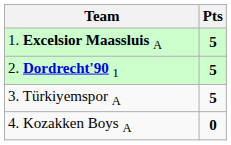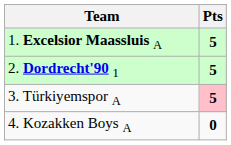 <table class="wikitable" style="text-align:center; float:left; margin-right:1em">
 <tr>
 <th style="width:200px">Team</th>
 <th width=20>Pts</th>
 </tr>
 <tr bgcolor=ccffcc>
 <td align=left>1. <strong>Excelsior Maassluis</strong> <sub>A</sub></td>
 <td><strong>5</strong></td>
 </tr>
 <tr bgcolor=ccffcc>
 <td align=left>2. <strong><a href='#'>Dordrecht'90</a></strong> <sub>1</sub></td>
 <td><strong>5</strong></td>
 </tr>
 <tr>
 <td align=left>3. Türkiyemspor <sub>A</sub></td>
-<td><strong>5</strong></td>
+<td style="background: pink;"><strong>5</strong></td>
 </tr>
 <tr>
 <td align=left>4. Kozakken Boys <sub>A</sub></td>
 <td><strong>0</strong></td>
 </tr>
 </table>
